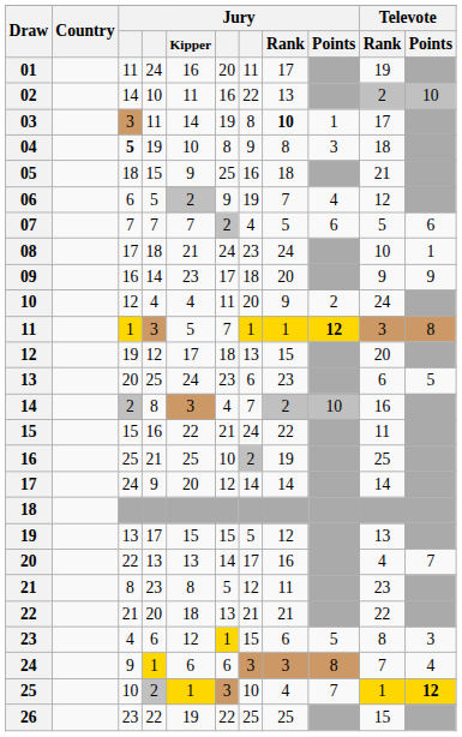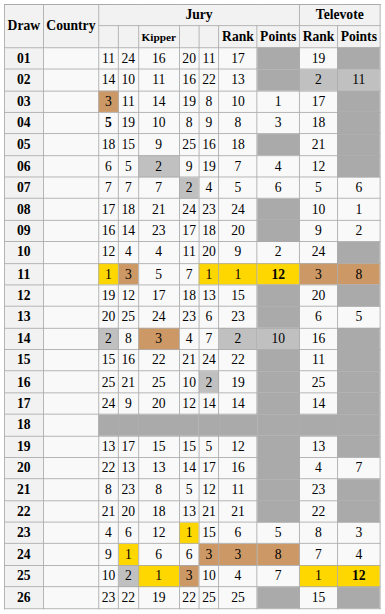 <table class="sortable wikitable collapsible plainrowheaders" style="text-align:center;">
 <tr>
 </tr>
 <tr>
 <th scope="col" rowspan="2">Draw</th>
 <th scope="col" rowspan="2">Country</th>
 <th scope="col" colspan="7">Jury</th>
 <th scope="col" colspan="2">Televote</th>
 </tr>
 <tr>
 <th scope="col"><small></small></th>
 <th scope="col"><small></small></th>
 <th scope="col"><small>Kipper</small></th>
 <th scope="col"><small></small></th>
 <th scope="col"><small></small></th>
 <th scope="col">Rank</th>
 <th scope="col">Points</th>
 <th scope="col">Rank</th>
 <th scope="col">Points</th>
 </tr>
 <tr>
 <th scope="row" style="text-align:center;">01</th>
 <td style="text-align:left;"></td>
 <td>11</td>
 <td>24</td>
 <td>16</td>
 <td>20</td>
 <td>11</td>
 <td>17</td>
 <td style="background:#AAAAAA;"></td>
 <td>19</td>
 <td style="background:#AAAAAA;"></td>
 </tr>
 <tr>
 <th scope="row" style="text-align:center;">02</th>
 <td style="text-align:left;"></td>
 <td>14</td>
 <td>10</td>
 <td>11</td>
 <td>16</td>
 <td>22</td>
 <td>13</td>
 <td style="background:#AAAAAA;"></td>
 <td style="background:silver;">2</td>
-<td style="background:silver;">10</td>
+<td style="background:silver;">11</td>
 </tr>
 <tr>
 <th scope="row" style="text-align:center;">03</th>
 <td style="text-align:left;"></td>
 <td style="background:#CC9966;">3</td>
 <td>11</td>
 <td>14</td>
 <td>19</td>
 <td>8</td>
-<td><strong>10</strong></td>
+<td>10</td>
 <td>1</td>
 <td>17</td>
 <td style="background:#AAAAAA;"></td>
 </tr>
 <tr>
 <th scope="row" style="text-align:center;">04</th>
 <td style="text-align:left;"></td>
 <td><strong>5</strong></td>
 <td>19</td>
 <td>10</td>
 <td>8</td>
 <td>9</td>
 <td>8</td>
 <td>3</td>
 <td>18</td>
 <td style="background:#AAAAAA;"></td>
 </tr>
 <tr>
 <th scope="row" style="text-align:center;">05</th>
 <td style="text-align:left;"></td>
 <td>18</td>
 <td>15</td>
 <td>9</td>
 <td>25</td>
 <td>16</td>
 <td>18</td>
 <td style="background:#AAAAAA;"></td>
 <td>21</td>
 <td style="background:#AAAAAA;"></td>
 </tr>
 <tr>
 <th scope="row" style="text-align:center;">06</th>
 <td style="text-align:left;"></td>
 <td>6</td>
 <td>5</td>
 <td style="background:silver;">2</td>
 <td>9</td>
 <td>19</td>
 <td>7</td>
 <td>4</td>
 <td>12</td>
 <td style="background:#AAAAAA;"></td>
 </tr>
 <tr>
 <th scope="row" style="text-align:center;">07</th>
 <td style="text-align:left;"></td>
 <td>7</td>
 <td>7</td>
 <td>7</td>
 <td style="background:silver;">2</td>
 <td>4</td>
 <td>5</td>
 <td>6</td>
 <td>5</td>
 <td>6</td>
 </tr>
 <tr>
 <th scope="row" style="text-align:center;">08</th>
 <td style="text-align:left;"></td>
 <td>17</td>
 <td>18</td>
 <td>21</td>
 <td>24</td>
 <td>23</td>
 <td>24</td>
 <td style="background:#AAAAAA;"></td>
 <td>10</td>
 <td>1</td>
 </tr>
 <tr>
 <th scope="row" style="text-align:center;">09</th>
 <td style="text-align:left;"></td>
 <td>16</td>
 <td>14</td>
 <td>23</td>
 <td>17</td>
 <td>18</td>
 <td>20</td>
 <td style="background:#AAAAAA;"></td>
 <td>9</td>
-<td>9</td>
+<td>2</td>
 </tr>
 <tr>
 <th scope="row" style="text-align:center;">10</th>
 <td style="text-align:left;"></td>
 <td>12</td>
 <td>4</td>
 <td>4</td>
 <td>11</td>
 <td>20</td>
 <td>9</td>
 <td>2</td>
 <td>24</td>
 <td style="background:#AAAAAA;"></td>
 </tr>
 <tr>
 <th scope="row" style="text-align:center;">11</th>
 <td style="text-align:left;"></td>
 <td style="background:gold;">1</td>
 <td style="background:#CC9966;">3</td>
 <td>5</td>
 <td>7</td>
 <td style="background:gold;">1</td>
 <td style="background:gold;">1</td>
 <td style="background:gold;"><strong>12</strong></td>
 <td style="background:#CC9966;">3</td>
 <td style="background:#CC9966;">8</td>
 </tr>
 <tr>
 <th scope="row" style="text-align:center;">12</th>
 <td style="text-align:left;"></td>
 <td>19</td>
 <td>12</td>
 <td>17</td>
 <td>18</td>
 <td>13</td>
 <td>15</td>
 <td style="background:#AAAAAA;"></td>
 <td>20</td>
 <td style="background:#AAAAAA;"></td>
 </tr>
 <tr>
 <th scope="row" style="text-align:center;">13</th>
 <td style="text-align:left;"></td>
 <td>20</td>
 <td>25</td>
 <td>24</td>
 <td>23</td>
 <td>6</td>
 <td>23</td>
 <td style="background:#AAAAAA;"></td>
 <td>6</td>
 <td>5</td>
 </tr>
 <tr>
 <th scope="row" style="text-align:center;">14</th>
 <td style="text-align:left;"></td>
 <td style="background:silver;">2</td>
 <td>8</td>
 <td style="background:#CC9966;">3</td>
 <td>4</td>
 <td>7</td>
 <td style="background:silver;">2</td>
 <td style="background:silver;">10</td>
 <td>16</td>
 <td style="background:#AAAAAA;"></td>
 </tr>
 <tr>
 <th scope="row" style="text-align:center;">15</th>
 <td style="text-align:left;"></td>
 <td>15</td>
 <td>16</td>
 <td>22</td>
 <td>21</td>
 <td>24</td>
 <td>22</td>
 <td style="background:#AAAAAA;"></td>
 <td>11</td>
 <td style="background:#AAAAAA;"></td>
 </tr>
 <tr>
 <th scope="row" style="text-align:center;">16</th>
 <td style="text-align:left;"></td>
 <td>25</td>
 <td>21</td>
 <td>25</td>
 <td>10</td>
 <td style="background:silver;">2</td>
 <td>19</td>
 <td style="background:#AAAAAA;"></td>
 <td>25</td>
 <td style="background:#AAAAAA;"></td>
 </tr>
 <tr>
 <th scope="row" style="text-align:center;">17</th>
 <td style="text-align:left;"></td>
 <td>24</td>
 <td>9</td>
 <td>20</td>
 <td>12</td>
 <td>14</td>
 <td>14</td>
 <td style="background:#AAAAAA;"></td>
 <td>14</td>
 <td style="background:#AAAAAA;"></td>
 </tr>
 <tr class="sortbottom">
 <th scope="row" style="text-align:center;">18</th>
 <td style="text-align:left;"></td>
 <td style="background:#AAAAAA;"></td>
 <td style="background:#AAAAAA;"></td>
 <td style="background:#AAAAAA;"></td>
 <td style="background:#AAAAAA;"></td>
 <td style="background:#AAAAAA;"></td>
 <td style="background:#AAAAAA;"></td>
 <td style="background:#AAAAAA;"></td>
 <td style="background:#AAAAAA;"></td>
 <td style="background:#AAAAAA;"></td>
 </tr>
 <tr>
 <th scope="row" style="text-align:center;">19</th>
 <td style="text-align:left;"></td>
 <td>13</td>
 <td>17</td>
 <td>15</td>
 <td>15</td>
 <td>5</td>
 <td>12</td>
 <td style="background:#AAAAAA;"></td>
 <td>13</td>
 <td style="background:#AAAAAA;"></td>
 </tr>
 <tr>
 <th scope="row" style="text-align:center;">20</th>
 <td style="text-align:left;"></td>
 <td>22</td>
 <td>13</td>
 <td>13</td>
 <td>14</td>
 <td>17</td>
 <td>16</td>
 <td style="background:#AAAAAA;"></td>
 <td>4</td>
 <td>7</td>
 </tr>
 <tr>
 <th scope="row" style="text-align:center;">21</th>
 <td style="text-align:left;"></td>
 <td>8</td>
 <td>23</td>
 <td>8</td>
 <td>5</td>
 <td>12</td>
 <td>11</td>
 <td style="background:#AAAAAA;"></td>
 <td>23</td>
 <td style="background:#AAAAAA;"></td>
 </tr>
 <tr>
 <th scope="row" style="text-align:center;">22</th>
 <td style="text-align:left;"></td>
 <td>21</td>
 <td>20</td>
 <td>18</td>
 <td>13</td>
 <td>21</td>
 <td>21</td>
 <td style="background:#AAAAAA;"></td>
 <td>22</td>
 <td style="background:#AAAAAA;"></td>
 </tr>
 <tr>
 <th scope="row" style="text-align:center;">23</th>
 <td style="text-align:left;"></td>
 <td>4</td>
 <td>6</td>
 <td>12</td>
 <td style="background:gold;">1</td>
 <td>15</td>
 <td>6</td>
 <td>5</td>
 <td>8</td>
 <td>3</td>
 </tr>
 <tr>
 <th scope="row" style="text-align:center;">24</th>
 <td style="text-align:left;"></td>
 <td>9</td>
 <td style="background:gold;">1</td>
 <td>6</td>
 <td>6</td>
 <td style="background:#CC9966;">3</td>
 <td style="background:#CC9966;">3</td>
 <td style="background:#CC9966;">8</td>
 <td>7</td>
 <td>4</td>
 </tr>
 <tr>
 <th scope="row" style="text-align:center;">25</th>
 <td style="text-align:left;"></td>
 <td>10</td>
 <td style="background:silver;">2</td>
 <td style="background:gold;">1</td>
 <td style="background:#CC9966;">3</td>
 <td>10</td>
 <td>4</td>
 <td>7</td>
 <td style="background:gold;">1</td>
 <td style="background:gold;"><strong>12</strong></td>
 </tr>
 <tr>
 <th scope="row" style="text-align:center;">26</th>
 <td style="text-align:left;"></td>
 <td>23</td>
 <td>22</td>
 <td>19</td>
 <td>22</td>
 <td>25</td>
 <td>25</td>
 <td style="background:#AAAAAA;"></td>
 <td>15</td>
 <td style="background:#AAAAAA;"></td>
 </tr>
 </table>
